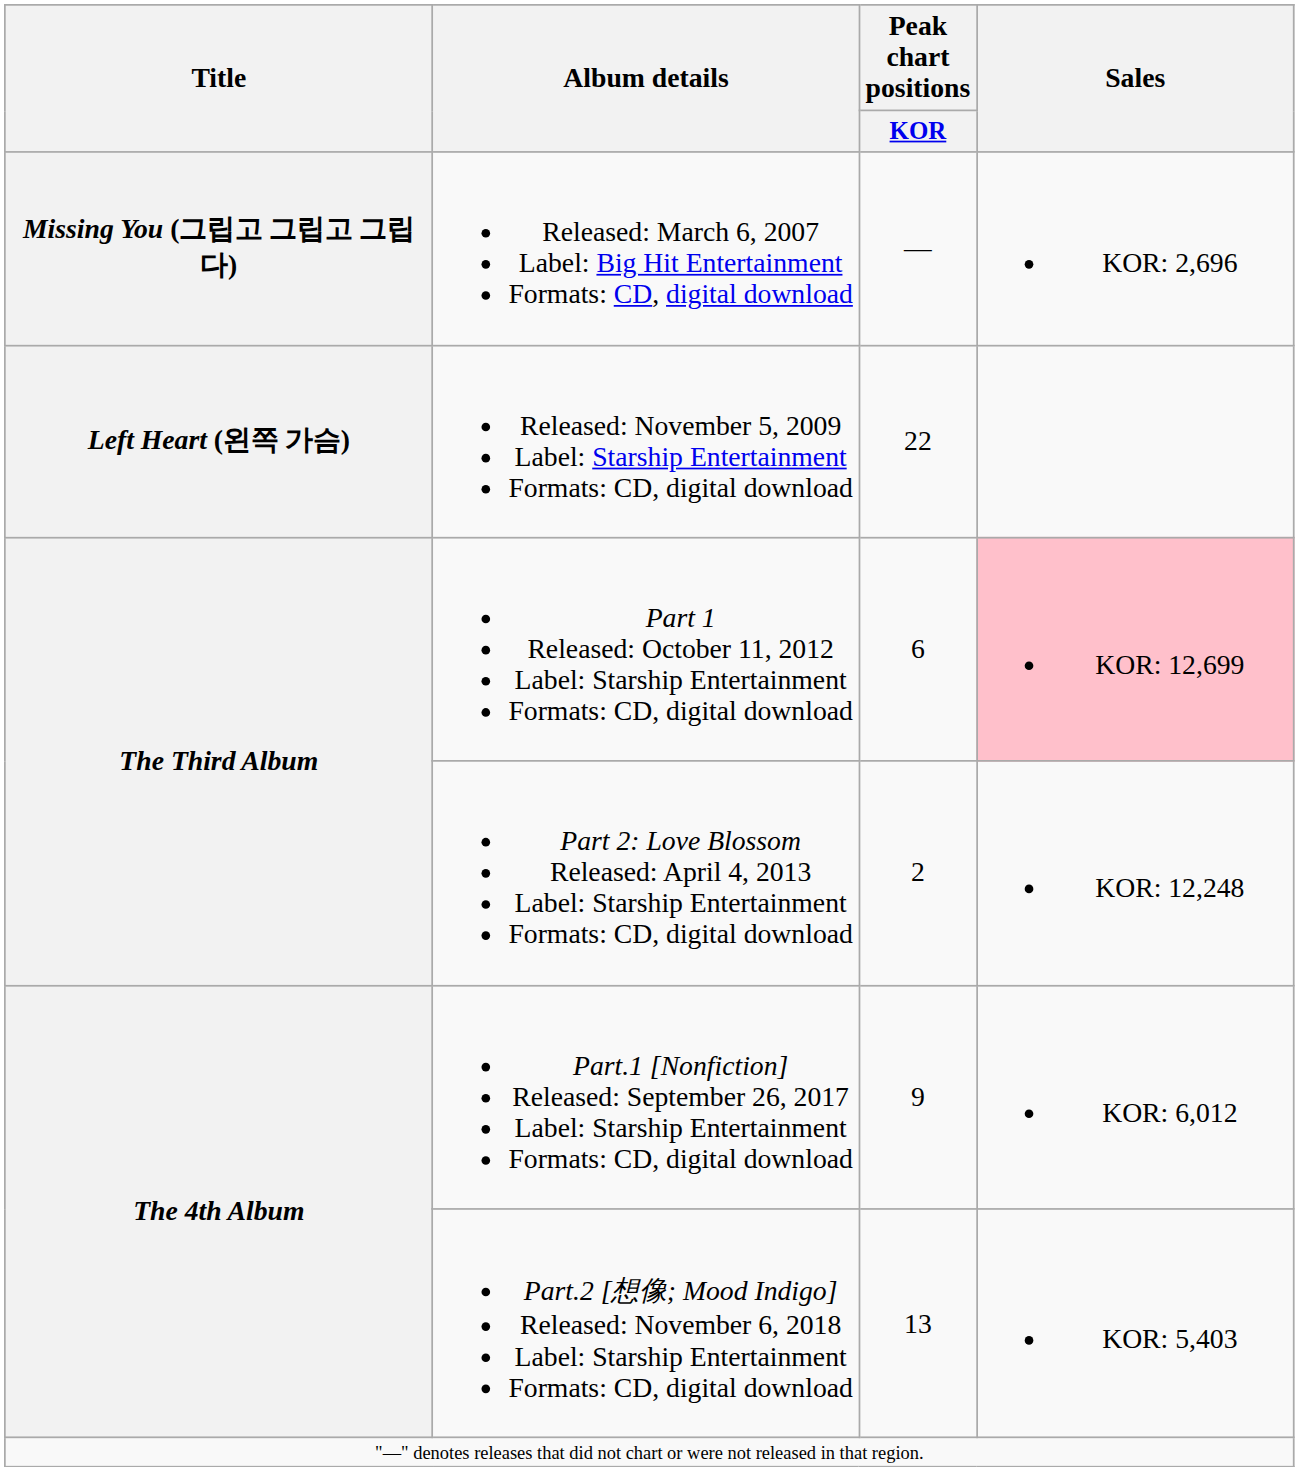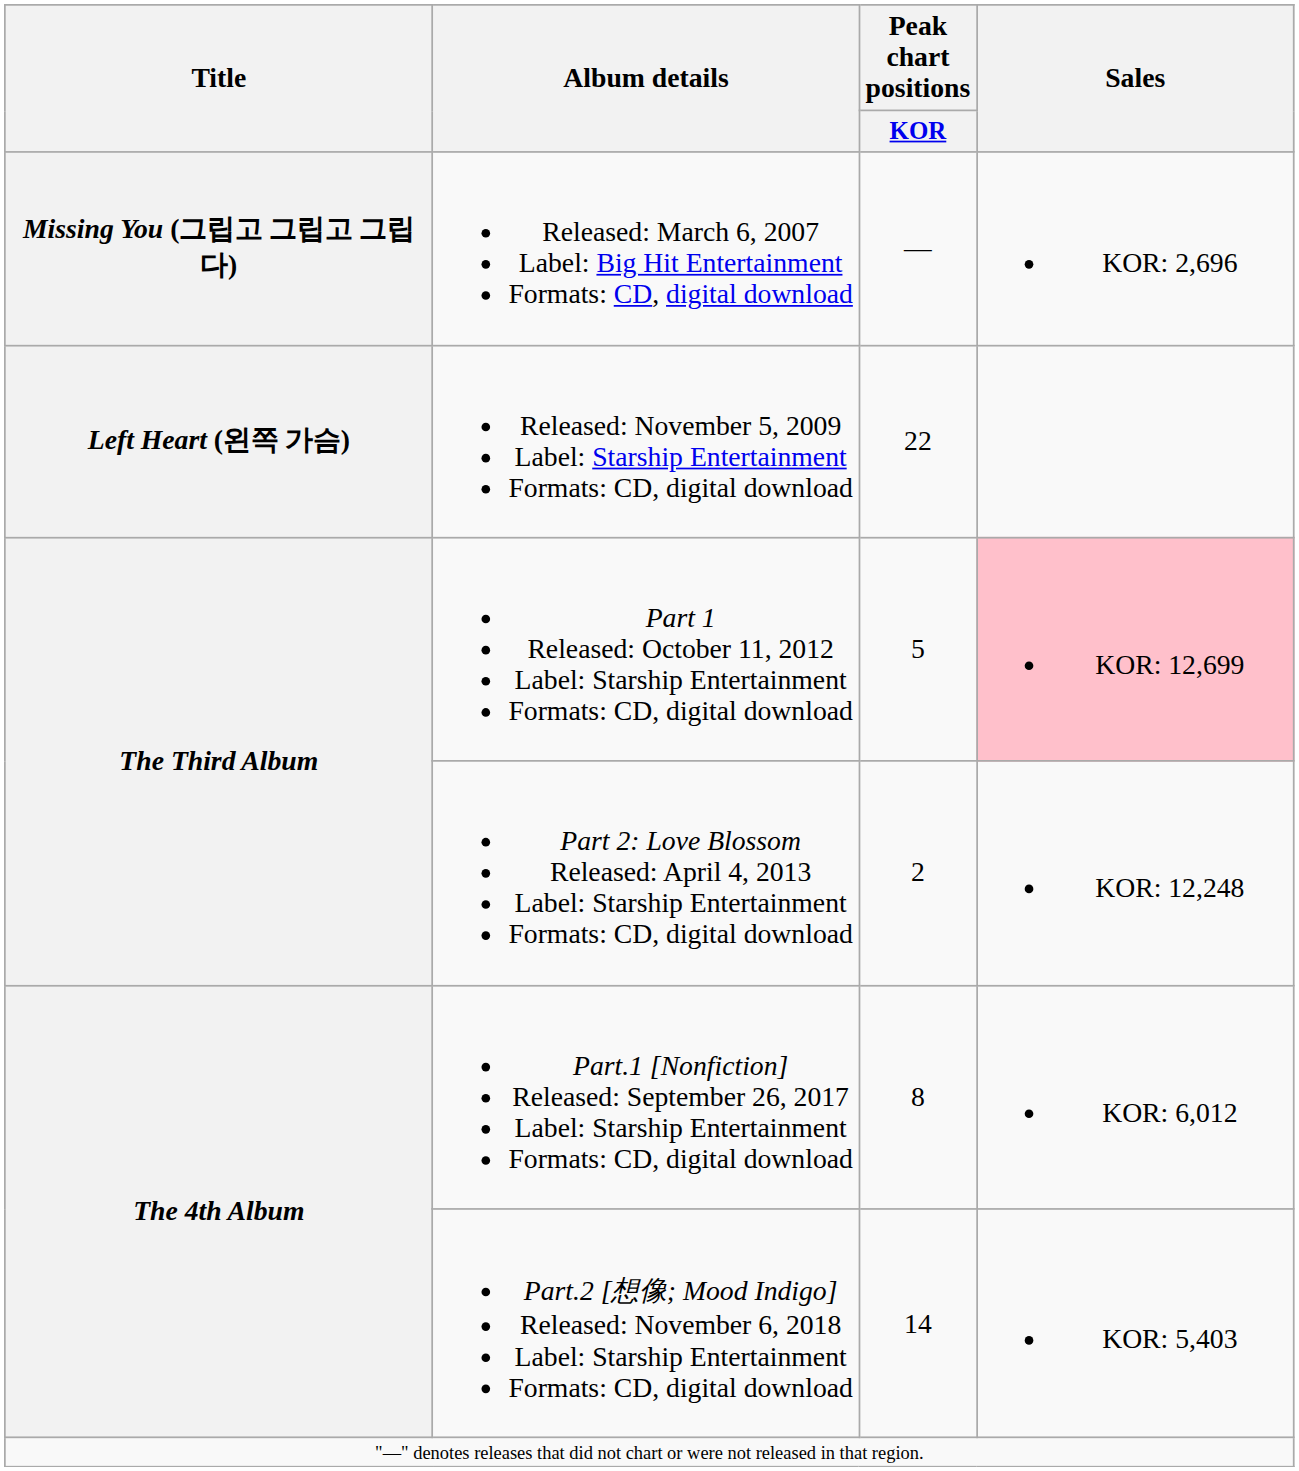 <table class="wikitable plainrowheaders" style="text-align:center;">
 <tr>
 <th rowspan=2 style="width:15em;">Title</th>
 <th rowspan=2>Album details</th>
 <th colspan=1>Peak chart positions</th>
 <th rowspan=2 style="width:11em;">Sales</th>
 </tr>
 <tr>
 <th scope="col" style="width:3em;font-size:90%;"><a href='#'>KOR</a><br></th>
 </tr>
 <tr>
 <th scope="row"><em>Missing You</em> (그립고 그립고 그립다)</th>
 <td><br><ul><li>Released: March 6, 2007</li><li>Label: <a href='#'>Big Hit Entertainment</a></li><li>Formats: <a href='#'>CD</a>, <a href='#'>digital download</a></li></ul></td>
 <td>—</td>
 <td><br><ul><li>KOR: 2,696</li></ul></td>
 </tr>
 <tr>
 <th scope="row"><em>Left Heart</em> (왼쪽 가슴)</th>
 <td><br><ul><li>Released: November 5, 2009</li><li>Label: <a href='#'>Starship Entertainment</a></li><li>Formats: CD, digital download</li></ul></td>
 <td>22</td>
 <td></td>
 </tr>
 <tr>
 <th rowspan=2 scope="row"><em>The Third Album</em></th>
 <td><br><ul><li><em>Part 1</em></li><li>Released: October 11, 2012</li><li>Label: Starship Entertainment</li><li>Formats: CD, digital download</li></ul></td>
-<td>6</td>
+<td>5</td>
 <td style="background: pink;"><br><ul><li>KOR: 12,699</li></ul></td>
 </tr>
 <tr>
 <td><br><ul><li><em>Part 2: Love Blossom</em></li><li>Released: April 4, 2013</li><li>Label: Starship Entertainment</li><li>Formats: CD, digital download</li></ul></td>
 <td>2</td>
 <td><br><ul><li>KOR: 12,248</li></ul></td>
 </tr>
 <tr>
 <th rowspan=2 scope="row"><em>The 4th Album</em></th>
 <td><br><ul><li><em>Part.1 [Nonfiction]</em></li><li>Released: September 26, 2017</li><li>Label: Starship Entertainment</li><li>Formats: CD, digital download</li></ul></td>
-<td>9</td>
+<td>8</td>
 <td><br><ul><li>KOR: 6,012</li></ul></td>
 </tr>
 <tr>
 <td><br><ul><li><em>Part.2 [想像; Mood Indigo]</em></li><li>Released: November 6, 2018</li><li>Label: Starship Entertainment</li><li>Formats: CD, digital download</li></ul></td>
-<td>13</td>
+<td>14</td>
 <td><br><ul><li>KOR: 5,403</li></ul></td>
 </tr>
 <tr>
 <td colspan="4" style="font-size:8pt;">"—" denotes releases that did not chart or were not released in that region.</td>
 </tr>
 </table>
